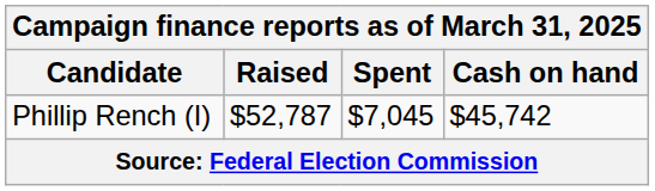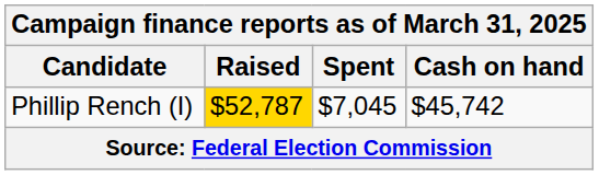 <table class="wikitable sortable">
 <tr>
 <th colspan=4>Campaign finance reports as of March 31, 2025</th>
 </tr>
 <tr style="text-align:center;">
 <th>Candidate</th>
 <th>Raised</th>
 <th>Spent</th>
 <th>Cash on hand</th>
 </tr>
 <tr>
 <td>Phillip Rench (I)</td>
-<td>$52,787</td>
+<td style="background: gold;">$52,787</td>
 <td>$7,045</td>
 <td>$45,742</td>
 </tr>
 <tr>
 <th colspan="4"><small>Source: <a href='#'>Federal Election Commission</a></small></th>
 </tr>
 </table>
